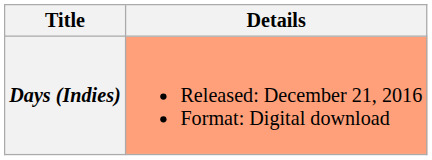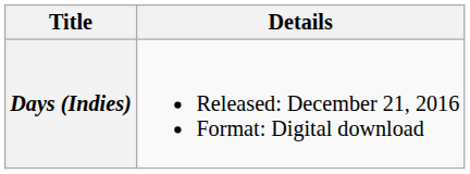 <table class="wikitable plainrowheaders" border="1">
 <tr>
 <th scope="col">Title</th>
 <th scope="col">Details</th>
 </tr>
 <tr>
 <th scope="row"><em>Days (Indies)</em></th>
-<td style="background: lightsalmon;"><br><ul><li>Released: December 21, 2016</li><li>Format: Digital download</li></ul></td>
+<td><br><ul><li>Released: December 21, 2016</li><li>Format: Digital download</li></ul></td>
 </tr>
 </table>
